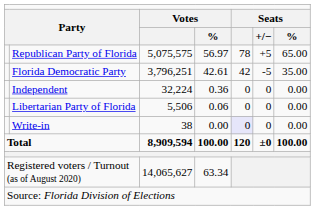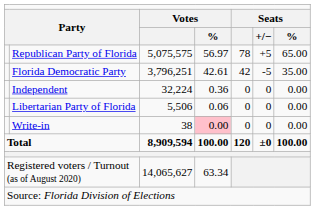 <table class="wikitable">
 <tr>
 <td colspan="7"></td>
 </tr>
 <tr>
 <th colspan="2" rowspan="2">Party</th>
 <th colspan="2">Votes</th>
 <th colspan="3">Seats</th>
 </tr>
 <tr>
 <th></th>
 <th>%</th>
 <th></th>
 <th>+/−</th>
 <th>%</th>
 </tr>
 <tr>
 <td style="background-color:"></td>
 <td><a href='#'>Republican Party of Florida</a></td>
 <td align="right">5,075,575</td>
 <td align="right">56.97</td>
 <td align="right">78</td>
 <td align="right">+5</td>
 <td align="right">65.00</td>
 </tr>
 <tr>
 <td style="background-color:"></td>
 <td><a href='#'>Florida Democratic Party</a></td>
 <td align="right">3,796,251</td>
 <td align="right">42.61</td>
 <td align="right">42</td>
 <td align="right">-5</td>
 <td align="right">35.00</td>
 </tr>
 <tr>
 <td style="background-color:"></td>
 <td><a href='#'>Independent</a></td>
 <td align="right">32,224</td>
 <td align="right">0.36</td>
 <td align="right">0</td>
 <td align="right">0</td>
 <td align="right">0.00</td>
 </tr>
 <tr>
 <td style="background-color:"></td>
 <td><a href='#'>Libertarian Party of Florida</a></td>
 <td align="right">5,506</td>
 <td align="right">0.06</td>
 <td align="right">0</td>
 <td align="right">0</td>
 <td align="right">0.00</td>
 </tr>
 <tr>
 <td style="background-color:"></td>
 <td><a href='#'>Write-in</a></td>
 <td align="right">38</td>
-<td align="right">0.00</td>
-<td align="right" style="background: lavender;">0</td>
+<td align="right" style="background: pink;">0.00</td>
+<td align="right">0</td>
 <td align="right">0</td>
 <td align="right">0.00</td>
 </tr>
 <tr>
 <td colspan="2"><strong>Total</strong></td>
 <td align="right"><strong>8,909,594</strong></td>
 <td align="right"><strong>100.00</strong></td>
 <td align="right"><strong>120</strong></td>
 <td align="right"><strong>±0</strong></td>
 <td align="right"><strong>100.00</strong></td>
 </tr>
 <tr>
 <th colspan="7"></th>
 </tr>
 <tr>
 <td colspan="2">Registered voters / Turnout<br><small>(as of August 2020)</small></td>
 <td align="right">14,065,627</td>
 <td align="right">63.34</td>
 <th colspan="3"></th>
 </tr>
 <tr>
 <td colspan="7">Source: <em>Florida Division of Elections</em></td>
 </tr>
 </table>
